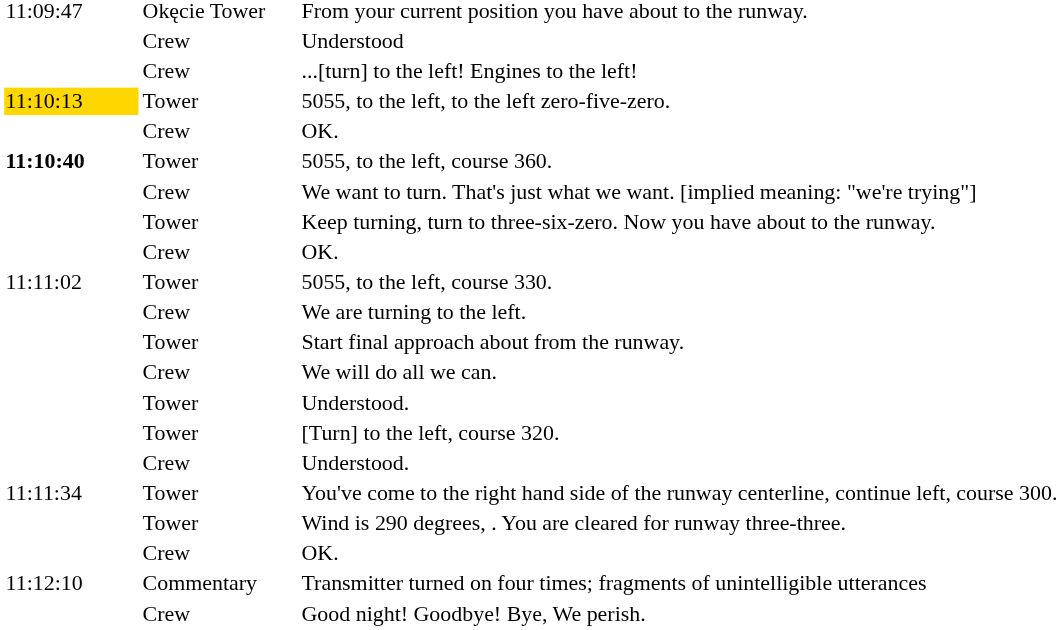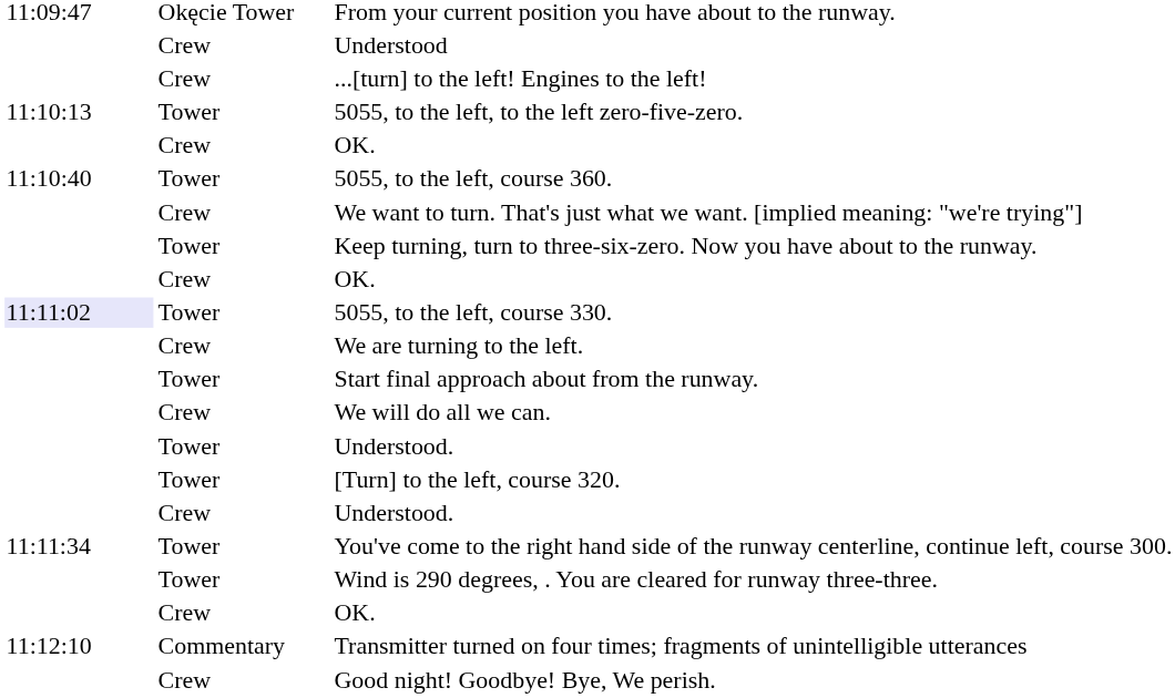 <table cellpadding="1" align="center" style="border:none;">
 <tr>
 <th style="width:6.0em;"></th>
 <th style="width:7.0em;"></th>
 <th style="width:37.0em;"></th>
 </tr>
 <tr style="vertical-align:top;">
 <td>11:09:47</td>
 <td>Okęcie Tower</td>
 <td>From your current position you have about  to the runway.</td>
 </tr>
 <tr style="vertical-align:top;">
 <td></td>
 <td>Crew</td>
 <td>Understood</td>
 </tr>
 <tr style="vertical-align:top;">
 <td></td>
 <td>Crew</td>
 <td>...[turn] to the left! Engines to the left!</td>
 </tr>
 <tr style="vertical-align:top;">
-<td style="background: gold;">11:10:13</td>
+<td>11:10:13</td>
 <td>Tower</td>
 <td>5055, to the left, to the left zero-five-zero.</td>
 </tr>
 <tr style="vertical-align:top;">
 <td></td>
 <td>Crew</td>
 <td>OK.</td>
 </tr>
 <tr style="vertical-align:top;">
-<td><strong>11:10:40</strong></td>
+<td>11:10:40</td>
 <td>Tower</td>
 <td>5055, to the left, course 360.</td>
 </tr>
 <tr>
 <td></td>
 <td>Crew</td>
 <td>We want to turn. That's just what we want. [implied meaning: "we're trying"]</td>
 </tr>
 <tr>
 <td></td>
 <td>Tower</td>
 <td>Keep turning, turn to three-six-zero. Now you have about  to the runway.</td>
 </tr>
 <tr>
 <td></td>
 <td>Crew</td>
 <td>OK.</td>
 </tr>
 <tr>
-<td>11:11:02</td>
+<td style="background: lavender;">11:11:02</td>
 <td>Tower</td>
 <td>5055, to the left, course 330.</td>
 </tr>
 <tr>
 <td></td>
 <td>Crew</td>
 <td>We are turning to the left.</td>
 </tr>
 <tr>
 <td></td>
 <td>Tower</td>
 <td>Start final approach about  from the runway.</td>
 </tr>
 <tr>
 <td></td>
 <td>Crew</td>
 <td>We will do all we can.</td>
 </tr>
 <tr>
 <td></td>
 <td>Tower</td>
 <td>Understood.</td>
 </tr>
 <tr>
 <td></td>
 <td>Tower</td>
 <td>[Turn] to the left, course 320.</td>
 </tr>
 <tr>
 <td></td>
 <td>Crew</td>
 <td>Understood.</td>
 </tr>
 <tr>
 <td>11:11:34</td>
 <td>Tower</td>
 <td>You've come to the right hand side of the runway centerline, continue left, course 300.</td>
 </tr>
 <tr>
 <td></td>
 <td>Tower</td>
 <td>Wind is 290 degrees, . You are cleared for runway three-three.</td>
 </tr>
 <tr>
 <td></td>
 <td>Crew</td>
 <td>OK.</td>
 </tr>
 <tr>
 <td>11:12:10</td>
 <td>Commentary</td>
 <td>Transmitter turned on four times; fragments of unintelligible utterances</td>
 </tr>
 <tr>
 <td></td>
 <td>Crew</td>
 <td>Good night! Goodbye! Bye, We perish.</td>
 </tr>
 </table>
